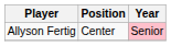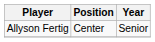 <table class="wikitable" border="1">
 <tr align=center>
 <th style= >Player</th>
 <th style= >Position</th>
 <th style= >Year</th>
 </tr>
 <tr>
 <td>Allyson Fertig</td>
 <td>Center</td>
-<td style="background: pink;">Senior</td>
+<td>Senior</td>
 </tr>
 <tr>
 </tr>
 </table>
